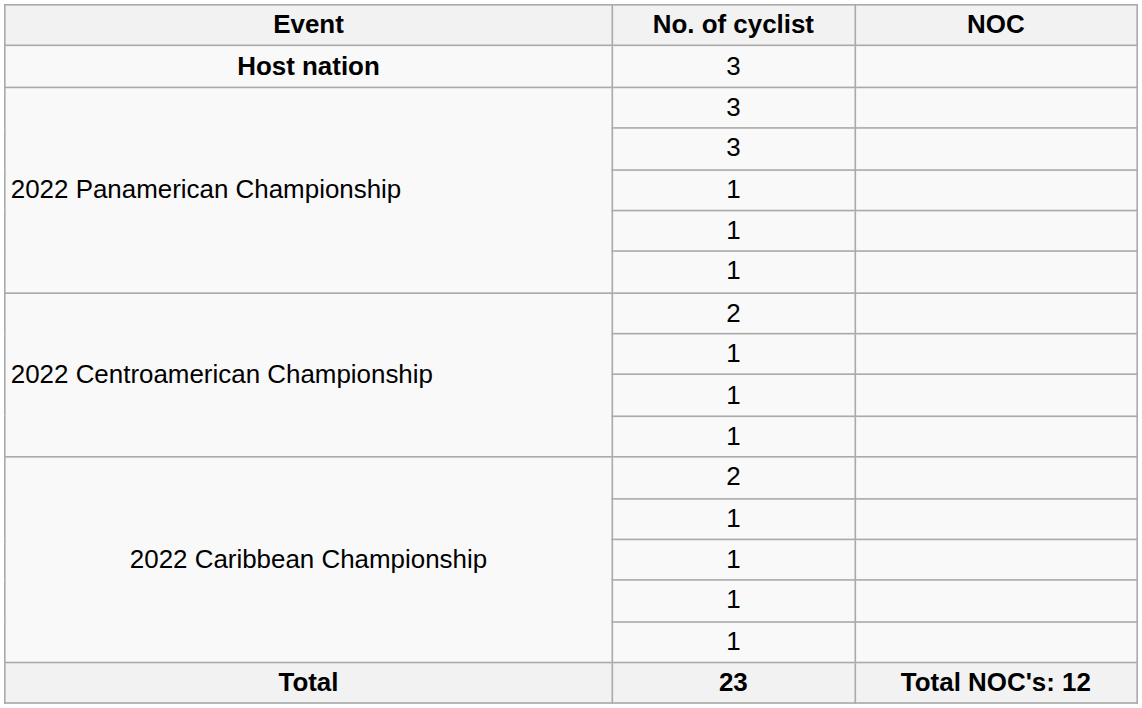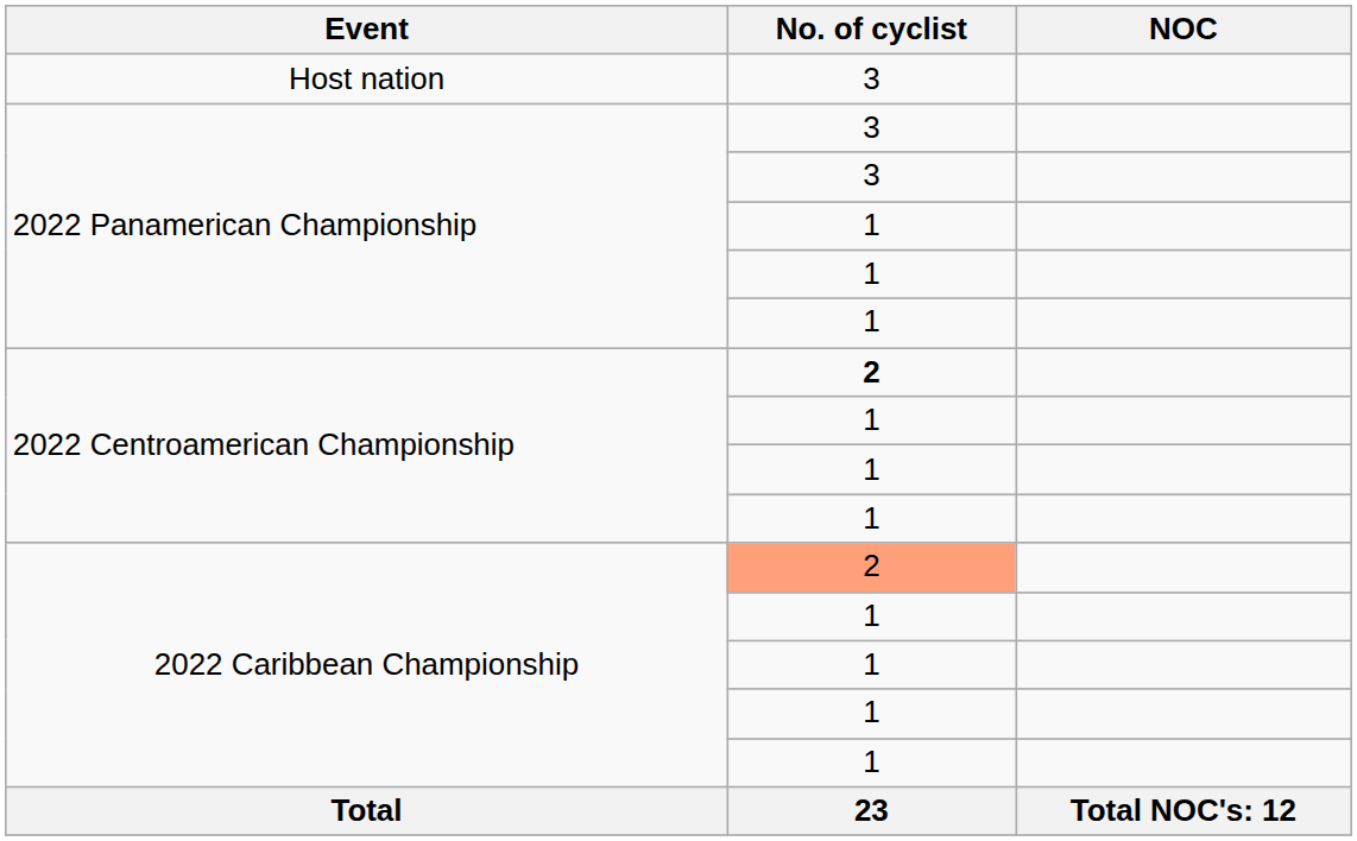 <table class="wikitable" style="width:700px; text-align:center;">
 <tr>
 <th>Event</th>
 <th>No. of cyclist</th>
 <th>NOC</th>
 </tr>
 <tr>
-<td><strong>Host nation</strong></td>
+<td>Host nation</td>
 <td>3</td>
 <td></td>
 </tr>
 <tr>
 <td rowspan="5" align="left">2022 Panamerican Championship</td>
 <td>3</td>
 <td align="left"></td>
 </tr>
 <tr>
 <td>3</td>
 <td align="left"></td>
 </tr>
 <tr>
 <td>1</td>
 <td align="left"></td>
 </tr>
 <tr>
 <td>1</td>
 <td align="left"></td>
 </tr>
 <tr>
 <td>1</td>
 <td align="left"></td>
 </tr>
 <tr>
 <td rowspan="4" align="left">2022 Centroamerican Championship</td>
-<td>2</td>
+<td><strong>2</strong></td>
 <td align="left"></td>
 </tr>
 <tr>
 <td>1</td>
 <td align="left"></td>
 </tr>
 <tr>
 <td>1</td>
 <td></td>
 </tr>
 <tr>
 <td>1</td>
 <td></td>
 </tr>
 <tr>
 <td rowspan="5">2022 Caribbean Championship</td>
-<td>2</td>
+<td style="background: lightsalmon;">2</td>
 <td></td>
 </tr>
 <tr>
 <td>1</td>
 <td></td>
 </tr>
 <tr>
 <td>1</td>
 <td></td>
 </tr>
 <tr>
 <td>1</td>
 <td></td>
 </tr>
 <tr>
 <td>1</td>
 <td></td>
 </tr>
 <tr>
 <th>Total</th>
 <th>23</th>
 <th>Total NOC's: 12</th>
 </tr>
 </table>
